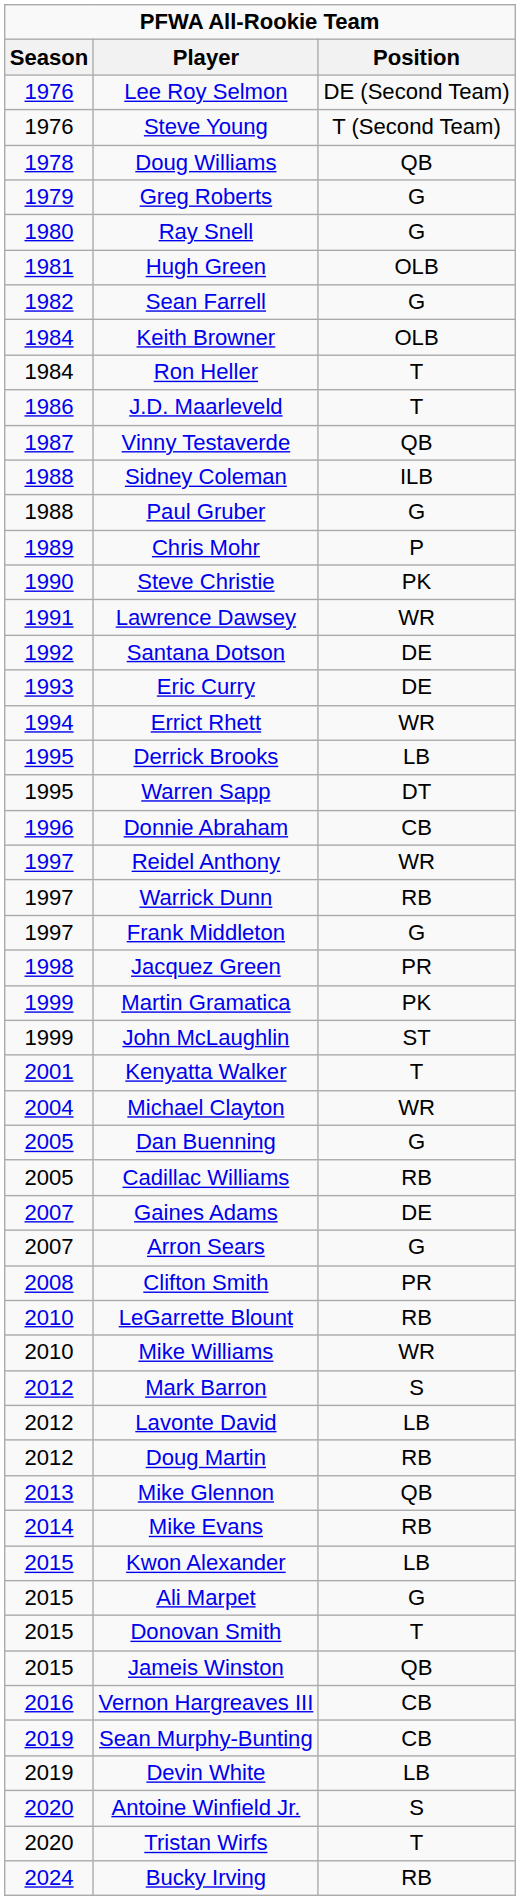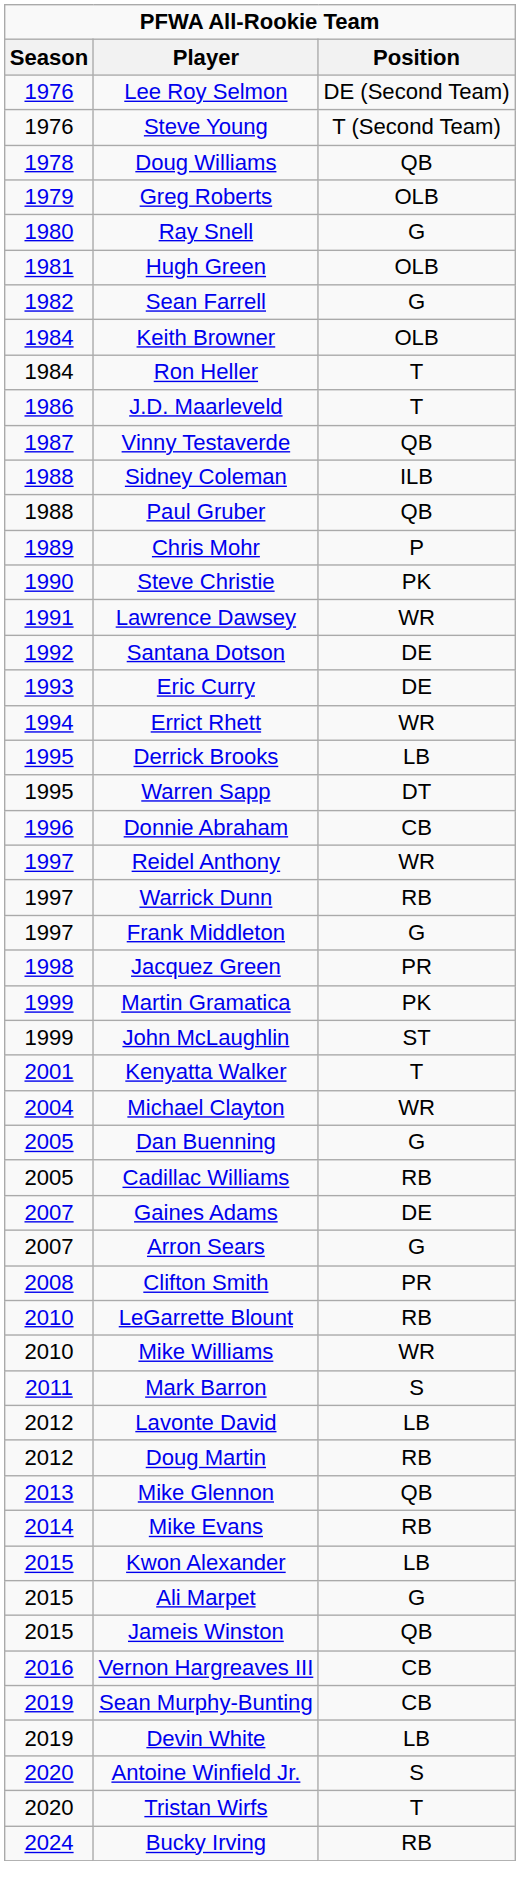 <table class="wikitable sortable" style="text-align:center">
 <tr>
 <td colspan="3"><strong>PFWA All-Rookie Team</strong></td>
 </tr>
 <tr>
 <th>Season</th>
 <th>Player</th>
 <th>Position</th>
 </tr>
 <tr>
 <td><a href='#'>1976</a></td>
 <td><a href='#'>Lee Roy Selmon</a></td>
 <td>DE (Second Team)</td>
 </tr>
 <tr>
 <td>1976</td>
 <td><a href='#'>Steve Young</a></td>
 <td>T (Second Team)</td>
 </tr>
 <tr>
 <td><a href='#'>1978</a></td>
 <td><a href='#'>Doug Williams</a></td>
 <td>QB</td>
 </tr>
 <tr>
 <td><a href='#'>1979</a></td>
 <td><a href='#'>Greg Roberts</a></td>
-<td>G</td>
+<td>OLB</td>
 </tr>
 <tr>
 <td><a href='#'>1980</a></td>
 <td><a href='#'>Ray Snell</a></td>
 <td>G</td>
 </tr>
 <tr>
 <td><a href='#'>1981</a></td>
 <td><a href='#'>Hugh Green</a></td>
 <td>OLB</td>
 </tr>
 <tr>
 <td><a href='#'>1982</a></td>
 <td><a href='#'>Sean Farrell</a></td>
 <td>G</td>
 </tr>
 <tr>
 <td><a href='#'>1984</a></td>
 <td><a href='#'>Keith Browner</a></td>
 <td>OLB</td>
 </tr>
 <tr>
 <td>1984</td>
 <td><a href='#'>Ron Heller</a></td>
 <td>T</td>
 </tr>
 <tr>
 <td><a href='#'>1986</a></td>
 <td><a href='#'>J.D. Maarleveld</a></td>
 <td>T</td>
 </tr>
 <tr>
 <td><a href='#'>1987</a></td>
 <td><a href='#'>Vinny Testaverde</a></td>
 <td>QB</td>
 </tr>
 <tr>
 <td><a href='#'>1988</a></td>
 <td><a href='#'>Sidney Coleman</a></td>
 <td>ILB</td>
 </tr>
 <tr>
 <td>1988</td>
 <td><a href='#'>Paul Gruber</a></td>
-<td>G</td>
+<td>QB</td>
 </tr>
 <tr>
 <td><a href='#'>1989</a></td>
 <td><a href='#'>Chris Mohr</a></td>
 <td>P</td>
 </tr>
 <tr>
 <td><a href='#'>1990</a></td>
 <td><a href='#'>Steve Christie</a></td>
 <td>PK</td>
 </tr>
 <tr>
 <td><a href='#'>1991</a></td>
 <td><a href='#'>Lawrence Dawsey</a></td>
 <td>WR</td>
 </tr>
 <tr>
 <td><a href='#'>1992</a></td>
 <td><a href='#'>Santana Dotson</a></td>
 <td>DE</td>
 </tr>
 <tr>
 <td><a href='#'>1993</a></td>
 <td><a href='#'>Eric Curry</a></td>
 <td>DE</td>
 </tr>
 <tr>
 <td><a href='#'>1994</a></td>
 <td><a href='#'>Errict Rhett</a></td>
 <td>WR</td>
 </tr>
 <tr>
 <td><a href='#'>1995</a></td>
 <td><a href='#'>Derrick Brooks</a></td>
 <td>LB</td>
 </tr>
 <tr>
 <td>1995</td>
 <td><a href='#'>Warren Sapp</a></td>
 <td>DT</td>
 </tr>
 <tr>
 <td><a href='#'>1996</a></td>
 <td><a href='#'>Donnie Abraham</a></td>
 <td>CB</td>
 </tr>
 <tr>
 <td><a href='#'>1997</a></td>
 <td><a href='#'>Reidel Anthony</a></td>
 <td>WR</td>
 </tr>
 <tr>
 <td>1997</td>
 <td><a href='#'>Warrick Dunn</a></td>
 <td>RB</td>
 </tr>
 <tr>
 <td>1997</td>
 <td><a href='#'>Frank Middleton</a></td>
 <td>G</td>
 </tr>
 <tr>
 <td><a href='#'>1998</a></td>
 <td><a href='#'>Jacquez Green</a></td>
 <td>PR</td>
 </tr>
 <tr>
 <td><a href='#'>1999</a></td>
 <td><a href='#'>Martin Gramatica</a></td>
 <td>PK</td>
 </tr>
 <tr>
 <td>1999</td>
 <td><a href='#'>John McLaughlin</a></td>
 <td>ST</td>
 </tr>
 <tr>
 <td><a href='#'>2001</a></td>
 <td><a href='#'>Kenyatta Walker</a></td>
 <td>T</td>
 </tr>
 <tr>
 <td><a href='#'>2004</a></td>
 <td><a href='#'>Michael Clayton</a></td>
 <td>WR</td>
 </tr>
 <tr>
 <td><a href='#'>2005</a></td>
 <td><a href='#'>Dan Buenning</a></td>
 <td>G</td>
 </tr>
 <tr>
 <td>2005</td>
 <td><a href='#'>Cadillac Williams</a></td>
 <td>RB</td>
 </tr>
 <tr>
 <td><a href='#'>2007</a></td>
 <td><a href='#'>Gaines Adams</a></td>
 <td>DE</td>
 </tr>
 <tr>
 <td>2007</td>
 <td><a href='#'>Arron Sears</a></td>
 <td>G</td>
 </tr>
 <tr>
 <td><a href='#'>2008</a></td>
 <td><a href='#'>Clifton Smith</a></td>
 <td>PR</td>
 </tr>
 <tr>
 <td><a href='#'>2010</a></td>
 <td><a href='#'>LeGarrette Blount</a></td>
 <td>RB</td>
 </tr>
 <tr>
 <td>2010</td>
 <td><a href='#'>Mike Williams</a></td>
 <td>WR</td>
 </tr>
 <tr>
-<td><a href='#'>2012</a></td>
+<td><a href='#'>2011</a></td>
 <td><a href='#'>Mark Barron</a></td>
 <td>S</td>
 </tr>
 <tr>
 <td>2012</td>
 <td><a href='#'>Lavonte David</a></td>
 <td>LB</td>
 </tr>
 <tr>
 <td>2012</td>
 <td><a href='#'>Doug Martin</a></td>
 <td>RB</td>
 </tr>
 <tr>
 <td><a href='#'>2013</a></td>
 <td><a href='#'>Mike Glennon</a></td>
 <td>QB</td>
 </tr>
 <tr>
 <td><a href='#'>2014</a></td>
 <td><a href='#'>Mike Evans</a></td>
 <td>RB</td>
 </tr>
 <tr>
 <td><a href='#'>2015</a></td>
 <td><a href='#'>Kwon Alexander</a></td>
 <td>LB</td>
 </tr>
 <tr>
 <td>2015</td>
 <td><a href='#'>Ali Marpet</a></td>
 <td>G</td>
-</tr>
-<tr>
-<td>2015</td>
-<td><a href='#'>Donovan Smith</a></td>
-<td>T</td>
 </tr>
 <tr>
 <td>2015</td>
 <td><a href='#'>Jameis Winston</a></td>
 <td>QB</td>
 </tr>
 <tr>
 <td><a href='#'>2016</a></td>
 <td><a href='#'>Vernon Hargreaves III</a></td>
 <td>CB</td>
 </tr>
 <tr>
 <td><a href='#'>2019</a></td>
 <td><a href='#'>Sean Murphy-Bunting</a></td>
 <td>CB</td>
 </tr>
 <tr>
 <td>2019</td>
 <td><a href='#'>Devin White</a></td>
 <td>LB</td>
 </tr>
 <tr>
 <td><a href='#'>2020</a></td>
 <td><a href='#'>Antoine Winfield Jr.</a></td>
 <td>S</td>
 </tr>
 <tr>
 <td>2020</td>
 <td><a href='#'>Tristan Wirfs</a></td>
 <td>T</td>
 </tr>
 <tr>
 <td><a href='#'>2024</a></td>
 <td><a href='#'>Bucky Irving</a></td>
 <td>RB</td>
 </tr>
 </table>
